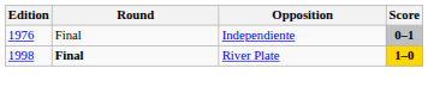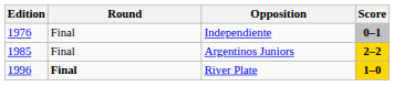 <table class="wikitable">
 <tr>
 <th>Edition</th>
 <th width=200>Round</th>
 <th width=200>Opposition</th>
 <th>Score</th>
 </tr>
 <tr>
 <td><a href='#'>1976</a></td>
 <td>Final</td>
 <td> <a href='#'>Independiente</a></td>
 <td bgcolor=Silver style="text-align:center;"><strong>0–1</strong></td>
 </tr>
 <tr>
-<td><a href='#'>1998</a></td>
+<td><a href='#'>1985</a></td>
+<td>Final</td>
+<td> <a href='#'>Argentinos Juniors</a></td>
+<td bgcolor=Gold style="text-align:center;"><strong>2–2 </strong></td>
+</tr>
+<tr>
+<td><a href='#'>1996</a></td>
 <td><strong>Final</strong></td>
 <td> <a href='#'>River Plate</a></td>
 <td bgcolor=Gold style="text-align:center;"><strong>1–0</strong></td>
 </tr>
 </table>
